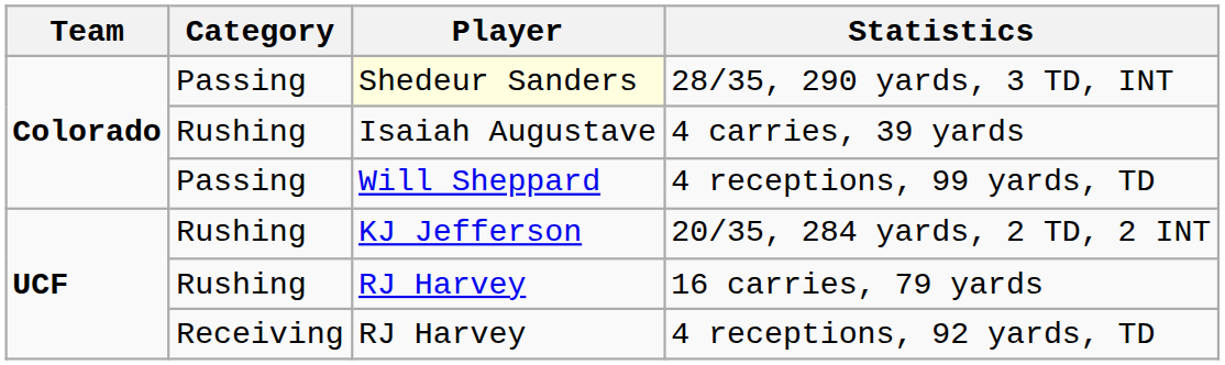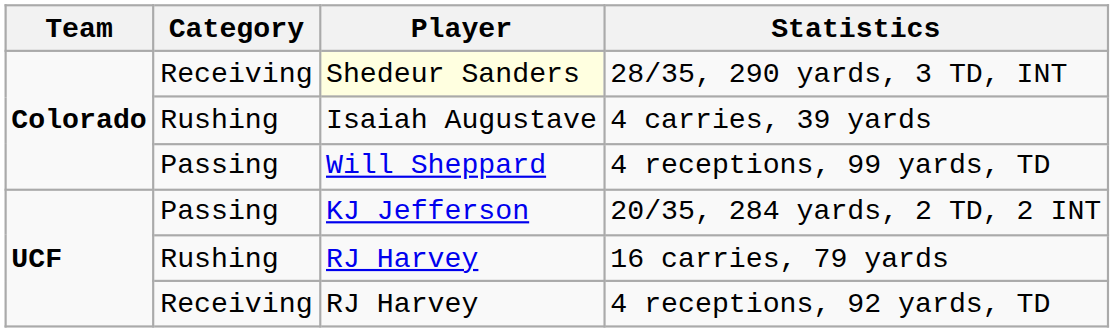 <table class="wikitable" style="float: right;">
 <tr>
 <th>Team</th>
 <th>Category</th>
 <th>Player</th>
 <th>Statistics</th>
 </tr>
 <tr>
 <td rowspan=3><strong>Colorado</strong></td>
-<td>Passing</td>
+<td>Receiving</td>
 <td style="background: lightyellow;">Shedeur Sanders</td>
 <td>28/35, 290 yards, 3 TD, INT</td>
 </tr>
 <tr>
 <td>Rushing</td>
 <td>Isaiah Augustave</td>
 <td>4 carries, 39 yards</td>
 </tr>
 <tr>
 <td>Passing</td>
 <td><a href='#'>Will Sheppard</a></td>
 <td>4 receptions, 99 yards, TD</td>
 </tr>
 <tr>
 <td rowspan=3><strong>UCF</strong></td>
-<td>Rushing</td>
+<td>Passing</td>
 <td><a href='#'>KJ Jefferson</a></td>
 <td>20/35, 284 yards, 2 TD, 2 INT</td>
 </tr>
 <tr>
 <td>Rushing</td>
 <td><a href='#'>RJ Harvey</a></td>
 <td>16 carries, 79 yards</td>
 </tr>
 <tr>
 <td>Receiving</td>
 <td>RJ Harvey</td>
 <td>4 receptions, 92 yards, TD</td>
 </tr>
 </table>
